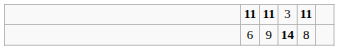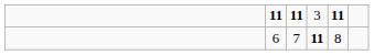 <table class="wikitable">
 <tr>
 <td style="width:18em"><strong></strong></td>
 <td align=center style="width:1em"><strong>11</strong></td>
 <td align=center style="width:1em"><strong>11</strong></td>
 <td align=center style="width:1em">3</td>
 <td align=center style="width:1em"><strong>11</strong></td>
 <td align=center style="width:1em"></td>
 </tr>
 <tr>
 <td style="width:18em"></td>
 <td align=center style="width:1em">6</td>
-<td align=center style="width:1em">9</td>
-<td align=center style="width:1em"><strong>14</strong></td>
+<td align=center style="width:1em">7</td>
+<td align=center style="width:1em"><strong>11</strong></td>
 <td align=center style="width:1em">8</td>
 <td align=center style="width:1em"></td>
 </tr>
 </table>
